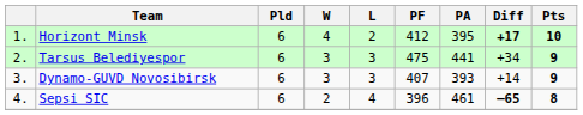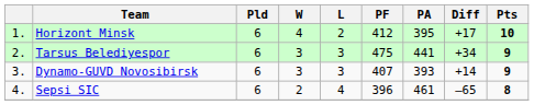 <table class="wikitable" style="text-align:center">
 <tr>
 <th width=25></th>
 <th width=220>Team</th>
 <th width=40>Pld</th>
 <th width=40>W</th>
 <th width=40>L</th>
 <th width=40>PF</th>
 <th width=40>PA</th>
 <th width=40>Diff</th>
 <th width=40>Pts</th>
 </tr>
 <tr style="background:#cfc;">
 <td>1.</td>
 <td align=left> <a href='#'>Horizont Minsk</a></td>
 <td>6</td>
 <td>4</td>
 <td>2</td>
 <td>412</td>
 <td>395</td>
-<td><strong>+17</strong></td>
+<td>+17</td>
 <td><strong>10</strong></td>
 </tr>
 <tr style="background:#cfc;">
 <td>2.</td>
 <td align=left> <a href='#'>Tarsus Belediyespor</a></td>
 <td>6</td>
 <td>3</td>
 <td>3</td>
 <td>475</td>
 <td>441</td>
 <td>+34</td>
 <td><strong>9</strong></td>
 </tr>
 <tr>
 <td>3.</td>
 <td align=left> <a href='#'>Dynamo-GUVD Novosibirsk</a></td>
 <td>6</td>
 <td>3</td>
 <td>3</td>
 <td>407</td>
 <td>393</td>
 <td>+14</td>
 <td><strong>9</strong></td>
 </tr>
 <tr>
 <td>4.</td>
 <td align=left> <a href='#'>Sepsi SIC</a></td>
 <td>6</td>
 <td>2</td>
 <td>4</td>
 <td>396</td>
 <td>461</td>
-<td><strong>–65</strong></td>
+<td>–65</td>
 <td><strong>8</strong></td>
 </tr>
 <tr>
 </tr>
 </table>
